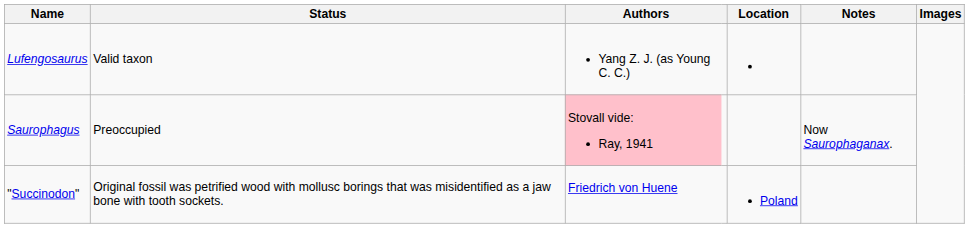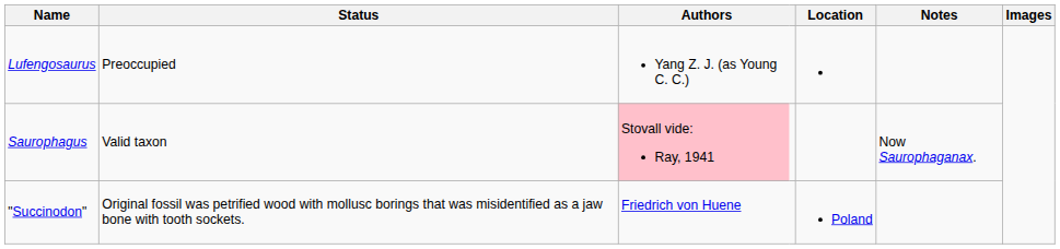 <table class="wikitable sortable" align="center" width="100%">
 <tr>
 <th>Name</th>
 <th>Status</th>
 <th colspan="2">Authors</th>
 <th>Location</th>
 <th class="unsortable">Notes</th>
 <th class="unsortable">Images</th>
 </tr>
 <tr>
 <td><em><a href='#'>Lufengosaurus</a></em></td>
-<td>Valid taxon</td>
+<td>Preoccupied</td>
 <td style="border-right:0px" valign="top"><br><ul><li>Yang Z. J. (as Young C. C.)</li></ul></td>
 <td style="border-left:0px" valign="top"></td>
 <td><br><ul><li></li></ul></td>
 <td></td>
 <td rowspan="35"></td>
 </tr>
 <tr>
 <td><em><a href='#'>Saurophagus</a></em></td>
-<td>Preoccupied</td>
+<td>Valid taxon</td>
 <td style="background: pink; border-right:0px" valign="top"><br>Stovall vide:<ul><li>Ray, 1941</li></ul></td>
 <td style="border-left:0px" valign="top"></td>
 <td></td>
 <td><br>Now <em><a href='#'>Saurophaganax</a></em>.</td>
 </tr>
 <tr>
 <td>"<a href='#'>Succinodon</a>"</td>
 <td>Original fossil was petrified wood with mollusc borings that was misidentified as a jaw bone with tooth sockets.</td>
 <td style="border-right:0px" valign="top"><br><a href='#'>Friedrich von Huene</a></td>
 <td style="border-left:0px" valign="top"></td>
 <td><br><ul><li><a href='#'>Poland</a></li></ul></td>
 <td></td>
 </tr>
 </table>
